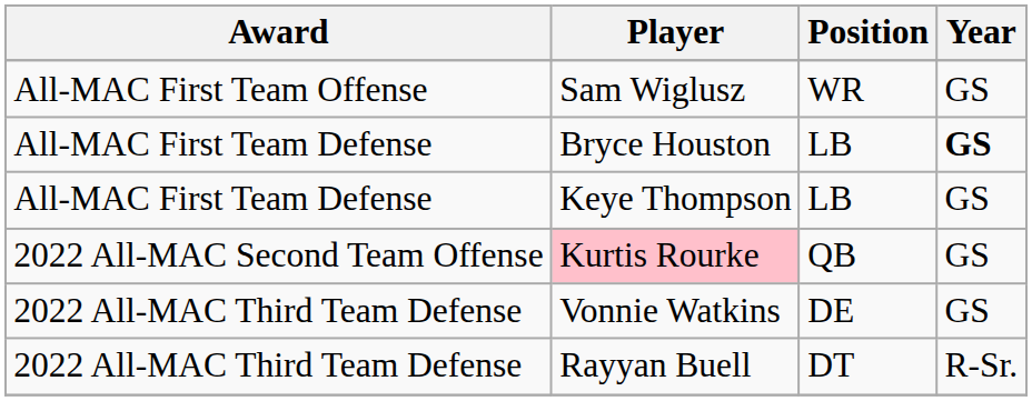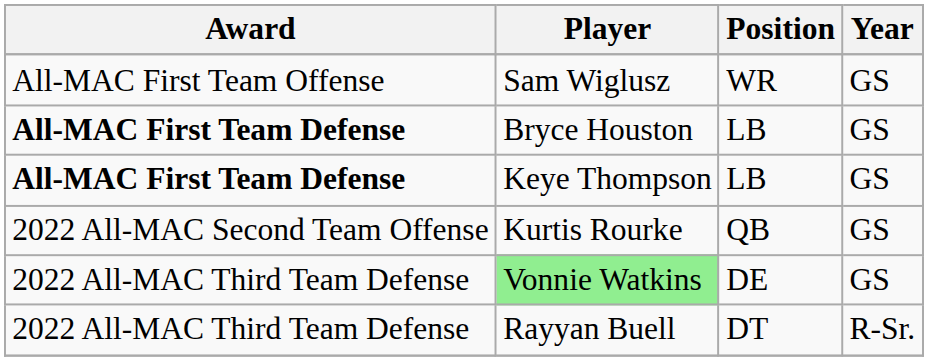 <table class="wikitable" border="1">
 <tr align=center>
 <th style= >Award</th>
 <th style= >Player</th>
 <th style= >Position</th>
 <th style= >Year</th>
 </tr>
 <tr align="center">
 </tr>
 <tr>
 <td>All-MAC First Team Offense</td>
 <td>Sam Wiglusz</td>
 <td>WR</td>
 <td>GS</td>
 </tr>
 <tr>
-<td>All-MAC First Team Defense</td>
+<td><strong>All-MAC First Team Defense</strong></td>
 <td>Bryce Houston</td>
 <td>LB</td>
-<td><strong>GS</strong></td>
+<td>GS</td>
 </tr>
 <tr>
-<td>All-MAC First Team Defense</td>
+<td><strong>All-MAC First Team Defense</strong></td>
 <td>Keye Thompson</td>
 <td>LB</td>
 <td>GS</td>
 </tr>
 <tr>
 <td>2022 All-MAC Second Team Offense</td>
-<td style="background: pink;">Kurtis Rourke</td>
+<td>Kurtis Rourke</td>
 <td>QB</td>
 <td>GS</td>
 </tr>
 <tr>
 <td>2022 All-MAC Third Team Defense</td>
-<td>Vonnie Watkins</td>
+<td style="background: lightgreen;">Vonnie Watkins</td>
 <td>DE</td>
 <td>GS</td>
 </tr>
 <tr>
 <td>2022 All-MAC Third Team Defense</td>
 <td>Rayyan Buell</td>
 <td>DT</td>
 <td>R-Sr.</td>
 </tr>
 <tr>
 </tr>
 </table>
